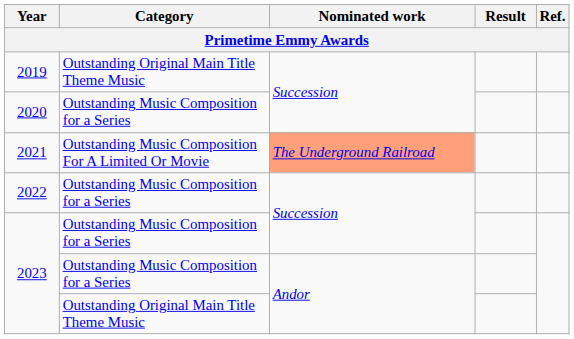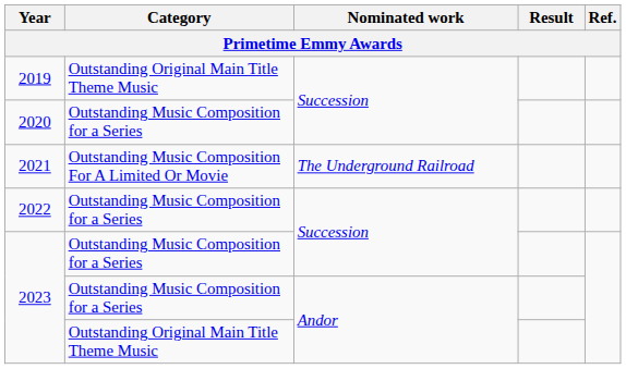 <table class=wikitable>
 <tr>
 <th scope="col" style="width:5em;">Year</th>
 <th scope="col" style="width:26em;">Category</th>
 <th scope="col" style="width:25em;">Nominated work</th>
 <th scope="col" style="width:5em;">Result</th>
 <th>Ref.</th>
 </tr>
 <tr>
 <th colspan=5><a href='#'>Primetime Emmy Awards</a></th>
 </tr>
 <tr>
 <td style="text-align:center;"><a href='#'>2019</a></td>
 <td><a href='#'>Outstanding Original Main Title Theme Music</a></td>
 <td rowspan="2"><em><a href='#'>Succession</a></em></td>
 <td></td>
 <td></td>
 </tr>
 <tr>
 <td style="text-align:center;"><a href='#'>2020</a></td>
 <td><a href='#'>Outstanding Music Composition for a Series</a></td>
 <td></td>
 <td></td>
 </tr>
 <tr>
 <td style="text-align:center;"><a href='#'>2021</a></td>
 <td><a href='#'>Outstanding Music Composition For A Limited Or Movie</a></td>
-<td style="background: lightsalmon;"><em><a href='#'>The Underground Railroad</a></em></td>
+<td><em><a href='#'>The Underground Railroad</a></em></td>
 <td></td>
 <td></td>
 </tr>
 <tr>
 <td style="text-align:center;"><a href='#'>2022</a></td>
 <td><a href='#'>Outstanding Music Composition for a Series</a></td>
 <td rowspan="2"><em><a href='#'>Succession</a></em></td>
 <td></td>
 <td></td>
 </tr>
 <tr>
 <td rowspan="3" style="text-align:center;"><a href='#'>2023</a></td>
 <td><a href='#'>Outstanding Music Composition for a Series</a></td>
 <td></td>
 <td rowspan="3"></td>
 </tr>
 <tr>
 <td><a href='#'>Outstanding Music Composition for a Series</a></td>
 <td rowspan="2"><a href='#'><em>Andor</em></a></td>
 <td></td>
 </tr>
 <tr>
 <td><a href='#'>Outstanding Original Main Title Theme Music</a></td>
 <td></td>
 </tr>
 </table>
